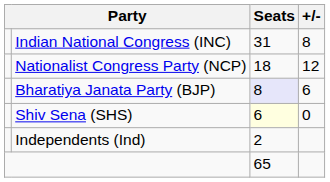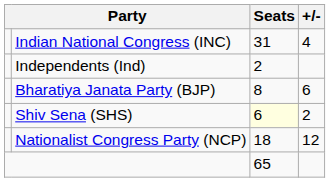 <table class="wikitable">
 <tr>
 <th colspan="2">Party</th>
 <th>Seats</th>
 <th>+/-</th>
 </tr>
 <tr>
 <td style="background-color:"></td>
 <td><a href='#'>Indian National Congress</a> (INC)</td>
 <td>31</td>
-<td> 8</td>
+<td> 4</td>
+</tr>
+<tr>
+<td style="background-color:"></td>
+<td>Independents (Ind)</td>
+<td>2</td>
+<td></td>
+</tr>
+<tr>
+<td style="background-color:"></td>
+<td><a href='#'>Bharatiya Janata Party</a> (BJP)</td>
+<td>8</td>
+<td> 6</td>
+</tr>
+<tr>
+<td style="background-color:"></td>
+<td><a href='#'>Shiv Sena</a> (SHS)</td>
+<td style="background: lightyellow;">6</td>
+<td> 2</td>
 </tr>
 <tr>
 <td style="background-color:"></td>
 <td><a href='#'>Nationalist Congress Party</a> (NCP)</td>
 <td>18</td>
 <td> 12</td>
 </tr>
 <tr>
-<td style="background-color:"></td>
-<td><a href='#'>Bharatiya Janata Party</a> (BJP)</td>
-<td style="background: lavender;">8</td>
-<td> 6</td>
-</tr>
-<tr>
-<td style="background-color:"></td>
-<td><a href='#'>Shiv Sena</a> (SHS)</td>
-<td style="background: lightyellow;">6</td>
-<td> 0</td>
-</tr>
-<tr>
-<td style="background-color:"></td>
-<td>Independents (Ind)</td>
-<td>2</td>
-<td></td>
-</tr>
-<tr>
 <td colspan="2"></td>
 <td>65</td>
 </tr>
 </table>
